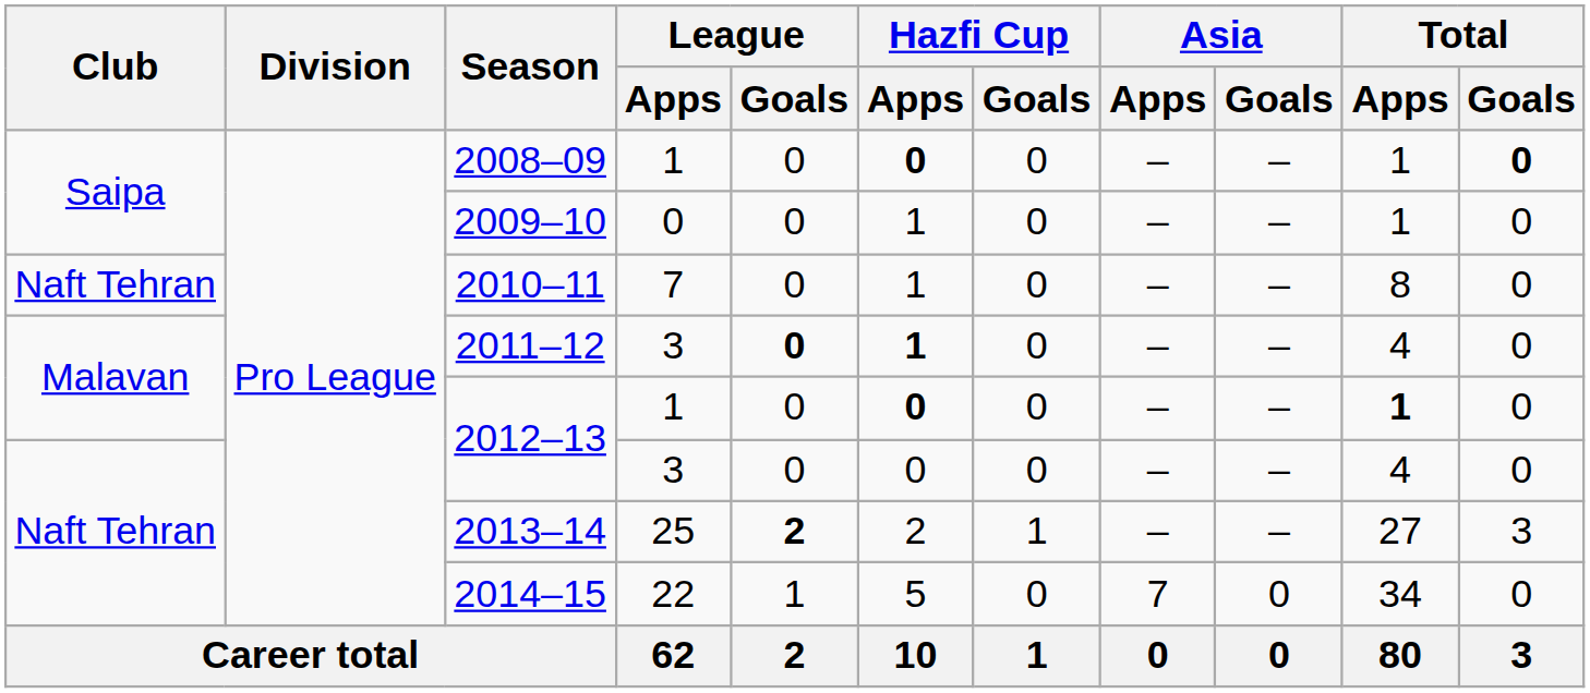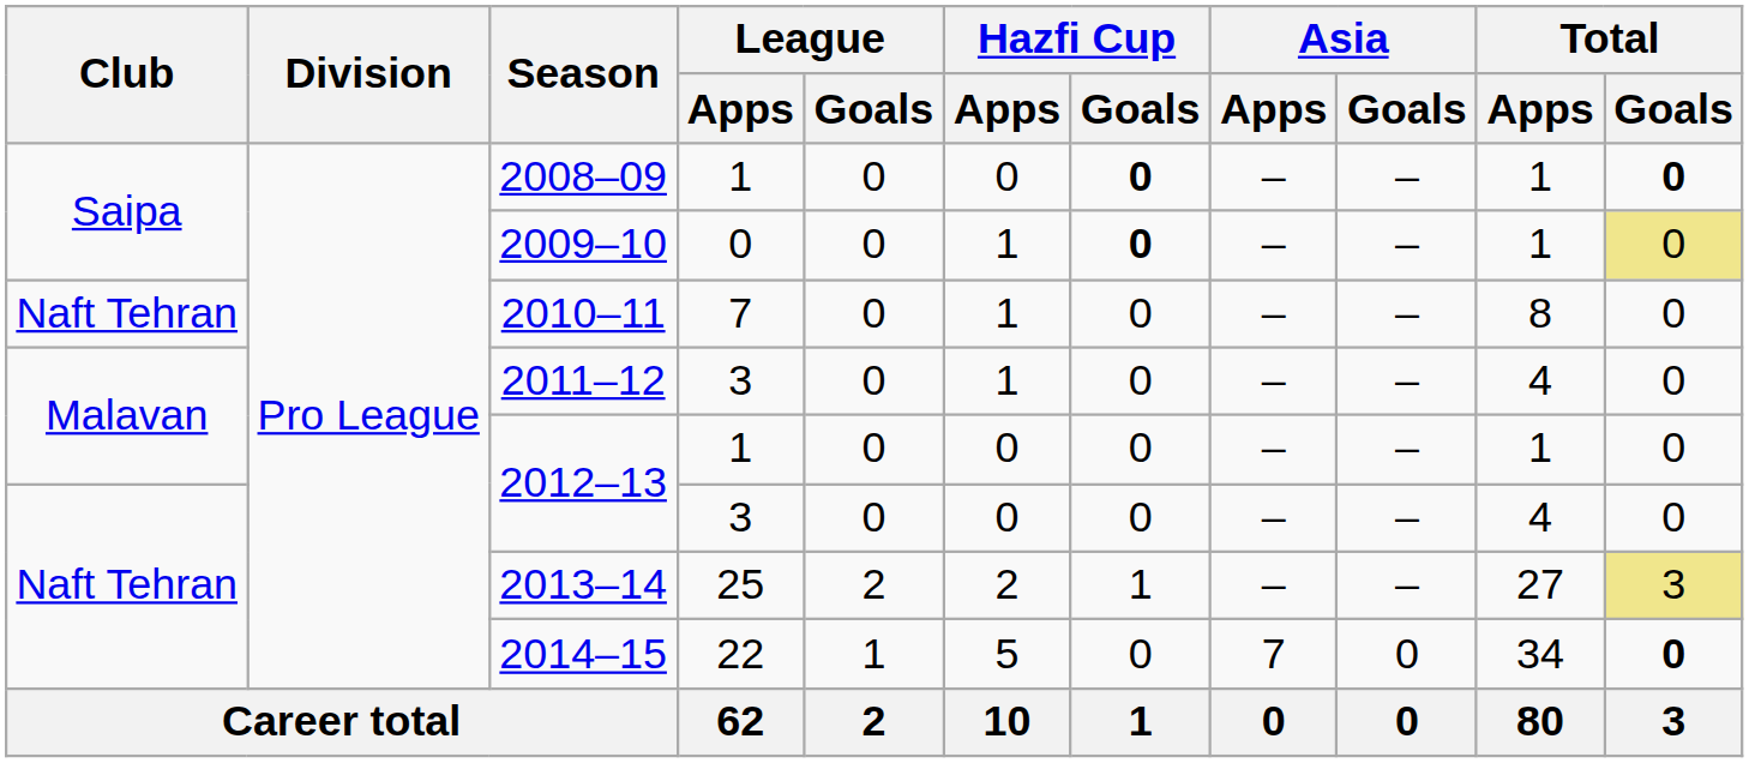 <table class="wikitable" style="text-align: center;">
 <tr>
 <th rowspan="2">Club</th>
 <th rowspan="2">Division</th>
 <th rowspan="2">Season</th>
 <th colspan="2">League</th>
 <th colspan="2"><a href='#'>Hazfi Cup</a></th>
 <th colspan="2"><a href='#'>Asia</a></th>
 <th colspan="2">Total</th>
 </tr>
 <tr>
 <th>Apps</th>
 <th>Goals</th>
 <th>Apps</th>
 <th>Goals</th>
 <th>Apps</th>
 <th>Goals</th>
 <th>Apps</th>
 <th>Goals</th>
 </tr>
 <tr>
 <td rowspan="2"><a href='#'>Saipa</a></td>
 <td rowspan="8"><a href='#'>Pro League</a></td>
 <td><a href='#'>2008–09</a></td>
 <td>1</td>
 <td>0</td>
+<td>0</td>
 <td><strong>0</strong></td>
-<td>0</td>
 <td>–</td>
 <td>–</td>
 <td>1</td>
 <td><strong>0</strong></td>
 </tr>
 <tr>
 <td><a href='#'>2009–10</a></td>
 <td>0</td>
 <td>0</td>
 <td>1</td>
-<td>0</td>
+<td><strong>0</strong></td>
 <td>–</td>
 <td>–</td>
 <td>1</td>
-<td>0</td>
+<td style="background: khaki;">0</td>
 </tr>
 <tr>
 <td><a href='#'>Naft Tehran</a></td>
 <td><a href='#'>2010–11</a></td>
 <td>7</td>
 <td>0</td>
 <td>1</td>
 <td>0</td>
 <td>–</td>
 <td>–</td>
 <td>8</td>
 <td>0</td>
 </tr>
 <tr>
 <td rowspan="2"><a href='#'>Malavan</a></td>
 <td><a href='#'>2011–12</a></td>
 <td>3</td>
-<td><strong>0</strong></td>
-<td><strong>1</strong></td>
+<td>0</td>
+<td>1</td>
 <td>0</td>
 <td>–</td>
 <td>–</td>
 <td>4</td>
 <td>0</td>
 </tr>
 <tr>
 <td rowspan="2"><a href='#'>2012–13</a></td>
 <td>1</td>
 <td>0</td>
-<td><strong>0</strong></td>
+<td>0</td>
 <td>0</td>
 <td>–</td>
 <td>–</td>
-<td><strong>1</strong></td>
+<td>1</td>
 <td>0</td>
 </tr>
 <tr>
 <td rowspan="3"><a href='#'>Naft Tehran</a></td>
 <td>3</td>
 <td>0</td>
 <td>0</td>
 <td>0</td>
 <td>–</td>
 <td>–</td>
 <td>4</td>
 <td>0</td>
 </tr>
 <tr>
 <td><a href='#'>2013–14</a></td>
 <td>25</td>
-<td><strong>2</strong></td>
+<td>2</td>
 <td>2</td>
 <td>1</td>
 <td>–</td>
 <td>–</td>
 <td>27</td>
-<td>3</td>
+<td style="background: khaki;">3</td>
 </tr>
 <tr>
 <td><a href='#'>2014–15</a></td>
 <td>22</td>
 <td>1</td>
 <td>5</td>
 <td>0</td>
 <td>7</td>
 <td>0</td>
 <td>34</td>
-<td>0</td>
+<td><strong>0</strong></td>
 </tr>
 <tr>
 <th colspan=3>Career total</th>
 <th>62</th>
 <th>2</th>
 <th>10</th>
 <th>1</th>
 <th>0</th>
 <th>0</th>
 <th>80</th>
 <th>3</th>
 </tr>
 </table>
